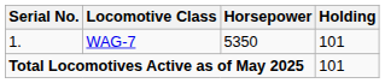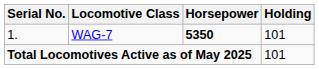 <table class="wikitable">
 <tr>
 <th>Serial No.</th>
 <th>Locomotive Class</th>
 <th>Horsepower</th>
 <th>Holding</th>
 </tr>
 <tr>
 <td>1.</td>
 <td><a href='#'>WAG-7</a></td>
-<td>5350</td>
+<td><strong>5350</strong></td>
 <td>101</td>
 </tr>
 <tr>
 <td colspan="3"><strong>Total Locomotives Active as of May 2025</strong></td>
 <td>101</td>
 </tr>
 </table>
